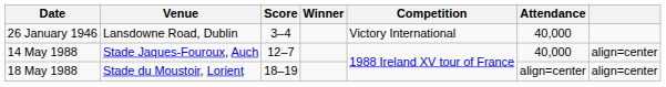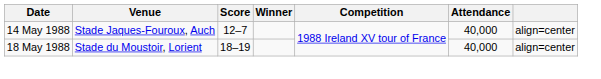 <table class="wikitable">
 <tr>
 <th>Date</th>
 <th>Venue</th>
 <th>Score</th>
 <th>Winner</th>
 <th>Competition</th>
 <th>Attendance</th>
 <th></th>
-</tr>
-<tr>
-<td>26 January 1946</td>
-<td>Lansdowne Road, Dublin</td>
-<td align=center>3–4</td>
-<td></td>
-<td>Victory International</td>
-<td align=center>40,000</td>
-<td align=center></td>
 </tr>
 <tr>
 <td>14 May 1988</td>
 <td><a href='#'>Stade Jaques-Fouroux</a>, <a href='#'>Auch</a></td>
 <td align=center>12–7</td>
 <td></td>
 <td rowspan=2><a href='#'>1988 Ireland XV tour of France</a></td>
 <td align=center>40,000</td>
 <td>align=center </td>
 </tr>
 <tr>
 <td>18 May 1988</td>
 <td><a href='#'>Stade du Moustoir</a>, <a href='#'>Lorient</a></td>
 <td align=center>18–19</td>
 <td></td>
-<td>align=center </td>
+<td align=center>40,000</td>
 <td>align=center </td>
 </tr>
 </table>
